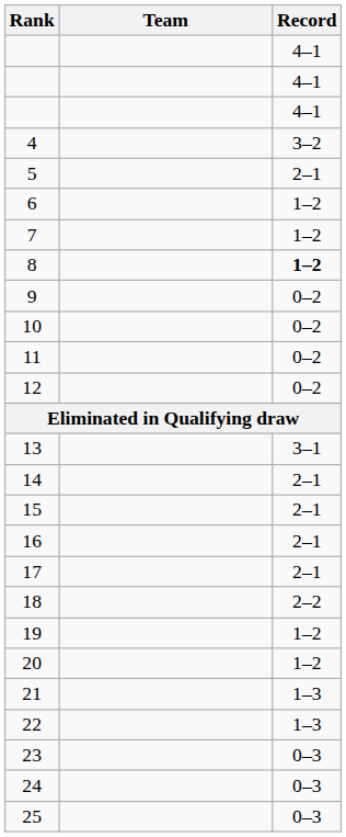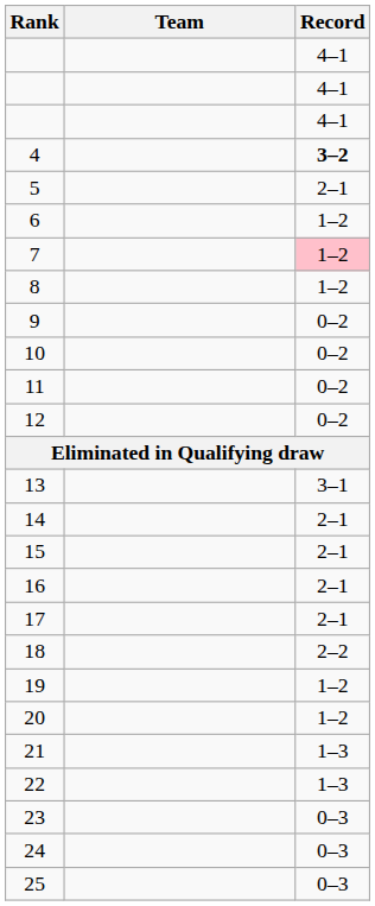 <table class="wikitable" style="text-align: center;">
 <tr>
 <th>Rank</th>
 <th width=170>Team</th>
 <th>Record</th>
 </tr>
 <tr>
 <td></td>
 <td align=left></td>
 <td>4–1</td>
 </tr>
 <tr>
 <td></td>
 <td align=left></td>
 <td>4–1</td>
 </tr>
 <tr>
 <td></td>
 <td align=left></td>
 <td>4–1</td>
 </tr>
 <tr>
 <td>4</td>
 <td align=left></td>
-<td>3–2</td>
+<td><strong>3–2</strong></td>
 </tr>
 <tr>
 <td>5</td>
 <td align=left></td>
 <td>2–1</td>
 </tr>
 <tr>
 <td>6</td>
 <td align=left></td>
 <td>1–2</td>
 </tr>
 <tr>
 <td>7</td>
 <td align=left></td>
-<td>1–2</td>
+<td style="background: pink;">1–2</td>
 </tr>
 <tr>
 <td>8</td>
 <td align=left></td>
-<td><strong>1–2</strong></td>
+<td>1–2</td>
 </tr>
 <tr>
 <td>9</td>
 <td align=left></td>
 <td>0–2</td>
 </tr>
 <tr>
 <td>10</td>
 <td align=left></td>
 <td>0–2</td>
 </tr>
 <tr>
 <td>11</td>
 <td align=left></td>
 <td>0–2</td>
 </tr>
 <tr>
 <td>12</td>
 <td align=left></td>
 <td>0–2</td>
 </tr>
 <tr>
 <th colspan="3">Eliminated in Qualifying draw</th>
 </tr>
 <tr>
 <td>13</td>
 <td align=left></td>
 <td>3–1</td>
 </tr>
 <tr>
 <td>14</td>
 <td align=left></td>
 <td>2–1</td>
 </tr>
 <tr>
 <td>15</td>
 <td align=left></td>
 <td>2–1</td>
 </tr>
 <tr>
 <td>16</td>
 <td align=left></td>
 <td>2–1</td>
 </tr>
 <tr>
 <td>17</td>
 <td align=left></td>
 <td>2–1</td>
 </tr>
 <tr>
 <td>18</td>
 <td align=left></td>
 <td>2–2</td>
 </tr>
 <tr>
 <td>19</td>
 <td align=left></td>
 <td>1–2</td>
 </tr>
 <tr>
 <td>20</td>
 <td align=left></td>
 <td>1–2</td>
 </tr>
 <tr>
 <td>21</td>
 <td align=left></td>
 <td>1–3</td>
 </tr>
 <tr>
 <td>22</td>
 <td align=left></td>
 <td>1–3</td>
 </tr>
 <tr>
 <td>23</td>
 <td align=left></td>
 <td>0–3</td>
 </tr>
 <tr>
 <td>24</td>
 <td align=left></td>
 <td>0–3</td>
 </tr>
 <tr>
 <td>25</td>
 <td align=left></td>
 <td>0–3</td>
 </tr>
 </table>
